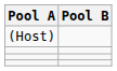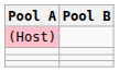 <table class="wikitable">
 <tr>
 <th width=50%>Pool A</th>
 <th width=50%>Pool B</th>
 </tr>
 <tr>
-<td> (Host)</td>
+<td style="background: pink;"> (Host)</td>
 <td></td>
 </tr>
 <tr>
 <td></td>
 <td></td>
 </tr>
 <tr>
 <td></td>
 <td></td>
 </tr>
 <tr>
 <td></td>
 <td></td>
 </tr>
 </table>
